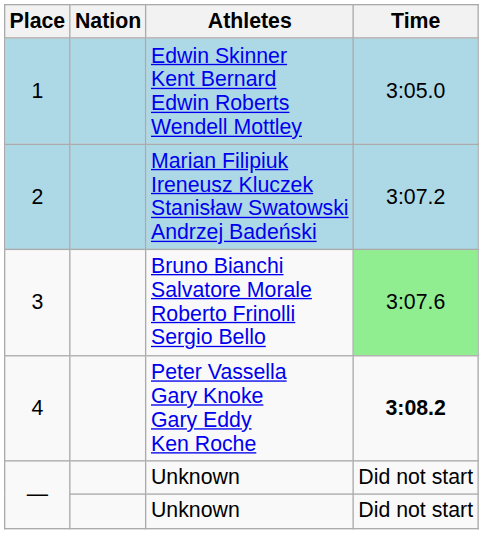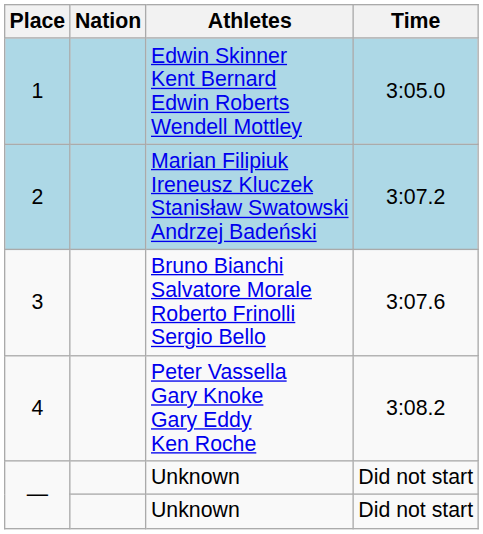 <table class=wikitable>
 <tr>
 <th>Place</th>
 <th>Nation</th>
 <th>Athletes</th>
 <th>Time</th>
 </tr>
 <tr align=center bgcolor=lightblue>
 <td>1</td>
 <td align=left></td>
 <td align=left><a href='#'>Edwin Skinner</a> <br> <a href='#'>Kent Bernard</a> <br> <a href='#'>Edwin Roberts</a> <br> <a href='#'>Wendell Mottley</a></td>
 <td>3:05.0</td>
 </tr>
 <tr align=center bgcolor=lightblue>
 <td>2</td>
 <td align=left></td>
 <td align=left><a href='#'>Marian Filipiuk</a> <br> <a href='#'>Ireneusz Kluczek</a> <br> <a href='#'>Stanisław Swatowski</a> <br> <a href='#'>Andrzej Badeński</a></td>
 <td>3:07.2</td>
 </tr>
 <tr align=center>
 <td>3</td>
 <td align=left></td>
 <td align=left><a href='#'>Bruno Bianchi</a> <br> <a href='#'>Salvatore Morale</a> <br> <a href='#'>Roberto Frinolli</a> <br> <a href='#'>Sergio Bello</a></td>
-<td style="background: lightgreen;">3:07.6</td>
+<td>3:07.6</td>
 </tr>
 <tr align=center>
 <td>4</td>
 <td align=left></td>
 <td align=left><a href='#'>Peter Vassella</a> <br> <a href='#'>Gary Knoke</a> <br> <a href='#'>Gary Eddy</a> <br> <a href='#'>Ken Roche</a></td>
-<td><strong>3:08.2</strong></td>
+<td>3:08.2</td>
 </tr>
 <tr align=center>
 <td rowspan=2>—</td>
 <td align=left></td>
 <td align=left>Unknown</td>
 <td>Did not start</td>
 </tr>
 <tr align=center>
 <td align=left></td>
 <td align=left>Unknown</td>
 <td>Did not start</td>
 </tr>
 </table>
